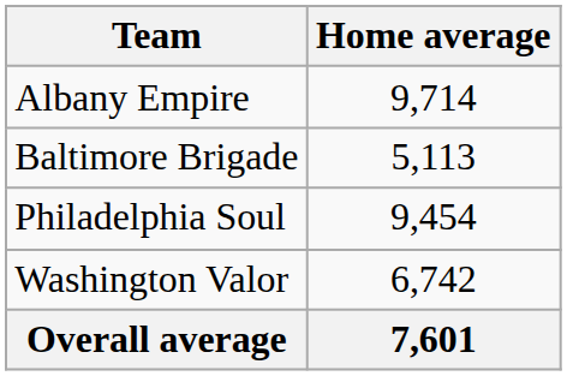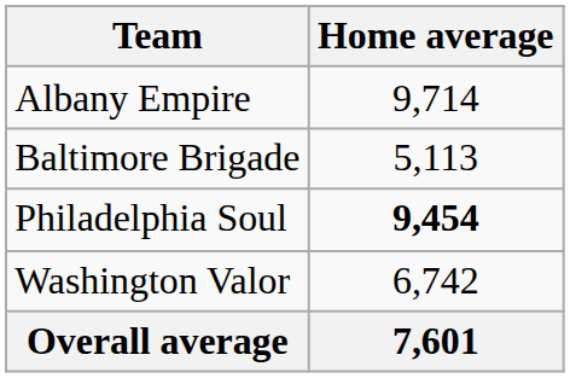 <table class="wikitable">
 <tr>
 <th>Team</th>
 <th>Home average</th>
 </tr>
 <tr>
 <td>Albany Empire</td>
 <td align=center>9,714</td>
 </tr>
 <tr>
 <td>Baltimore Brigade</td>
 <td align=center>5,113</td>
 </tr>
 <tr>
 <td>Philadelphia Soul</td>
-<td align=center>9,454</td>
+<td align=center><strong>9,454</strong></td>
 </tr>
 <tr>
 <td>Washington Valor</td>
 <td align=center>6,742</td>
 </tr>
 <tr>
 <th>Overall average</th>
 <th>7,601</th>
 </tr>
 </table>
